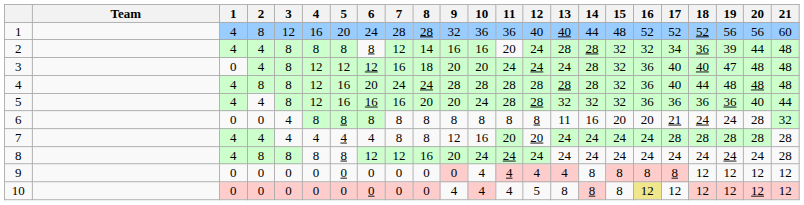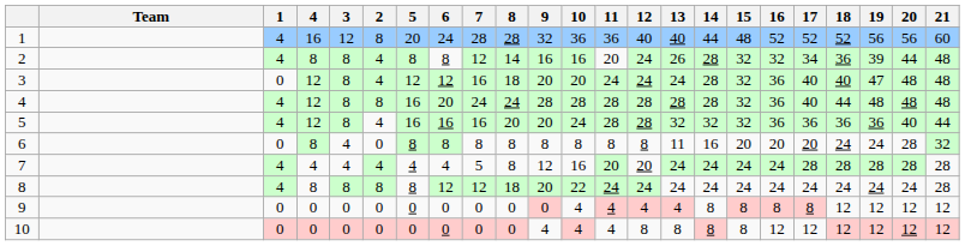 <table class="wikitable" style="text-align:center; line-height: 90%; font-size:90%; width:100%">
 <tr>
 <th width=20 abbr="Position"></th>
 <th width=175px>Team</th>
 <th width=20 abbr="Round 1">1</th>
+<th width=20 abbr="Round 4">4</th>
+<th width=20 abbr="Round 3">3</th>
 <th width=20 abbr="Round 2">2</th>
-<th width=20 abbr="Round 3">3</th>
-<th width=20 abbr="Round 4">4</th>
 <th width=20 abbr="Round 5">5</th>
 <th width=20 abbr="Round 6">6</th>
 <th width=20 abbr="Round 7">7</th>
 <th width=20 abbr="Round 8">8</th>
 <th width=20 abbr="Round 9">9</th>
 <th width=20 abbr="Round 10">10</th>
 <th width=20 abbr="Round 11">11</th>
 <th width=20 abbr="Round 12">12</th>
 <th width=20 abbr="Round 13">13</th>
 <th width=20 abbr="Round 14">14</th>
 <th width=20 abbr="Round 15">15</th>
 <th width=20 abbr="Round 16">16</th>
 <th width=20 abbr="Round 17">17</th>
 <th width=20 abbr="Round 18">18</th>
 <th width=20 abbr="Round 19">19</th>
 <th width=20 abbr="Round 20">20</th>
 <th width=20 abbr="Round 21">21</th>
 </tr>
 <tr>
 <td>1</td>
 <td style="text-align:left;"></td>
 <td style="background:#99ccff;">4</td>
+<td style="background:#99ccff;">16</td>
+<td style="background:#99ccff;">12</td>
 <td style="background:#99ccff;">8</td>
-<td style="background:#99ccff;">12</td>
-<td style="background:#99ccff;">16</td>
 <td style="background:#99ccff;">20</td>
 <td style="background:#99ccff;">24</td>
 <td style="background:#99ccff;">28</td>
 <td style="background:#99ccff;"><u>28</u></td>
 <td style="background:#99ccff;">32</td>
 <td style="background:#99ccff;">36</td>
 <td style="background:#99ccff;">36</td>
 <td style="background:#99ccff;">40</td>
 <td style="background:#99ccff;"><u>40</u></td>
 <td style="background:#99ccff;">44</td>
 <td style="background:#99ccff;">48</td>
 <td style="background:#99ccff;">52</td>
 <td style="background:#99ccff;">52</td>
 <td style="background:#99ccff;"><u>52</u></td>
 <td style="background:#99ccff;">56</td>
 <td style="background:#99ccff;">56</td>
 <td style="background:#99ccff;">60</td>
 </tr>
 <tr>
 <td>2</td>
 <td style="text-align:left;"></td>
 <td style="background:#ccffcc;">4</td>
-<td style="background:#ccffcc;">4</td>
 <td style="background:#ccffcc;">8</td>
 <td style="background:#ccffcc;">8</td>
+<td style="background:#ccffcc;">4</td>
 <td style="background:#ccffcc;">8</td>
 <td><u>8</u></td>
 <td style="background:#ccffcc;">12</td>
 <td style="background:#ccffcc;">14</td>
 <td style="background:#ccffcc;">16</td>
 <td style="background:#ccffcc;">16</td>
 <td>20</td>
 <td style="background:#ccffcc;">24</td>
-<td style="background:#ccffcc;">28</td>
+<td style="background:#ccffcc;">26</td>
 <td style="background:#ccffcc;"><u>28</u></td>
 <td style="background:#ccffcc;">32</td>
 <td style="background:#ccffcc;">32</td>
 <td style="background:#ccffcc;">34</td>
 <td style="background:#ccffcc;"><u>36</u></td>
 <td style="background:#ccffcc;">39</td>
 <td style="background:#ccffcc;">44</td>
 <td style="background:#ccffcc;">48</td>
 </tr>
 <tr>
 <td>3</td>
 <td style="text-align:left;"></td>
 <td>0</td>
+<td style="background:#ccffcc;">12</td>
+<td style="background:#ccffcc;">8</td>
 <td style="background:#ccffcc;">4</td>
-<td style="background:#ccffcc;">8</td>
-<td style="background:#ccffcc;">12</td>
 <td style="background:#ccffcc;">12</td>
 <td style="background:#ccffcc;"><u>12</u></td>
 <td style="background:#ccffcc;">16</td>
 <td style="background:#ccffcc;">18</td>
 <td style="background:#ccffcc;">20</td>
 <td style="background:#ccffcc;">20</td>
 <td style="background:#ccffcc;">24</td>
 <td style="background:#ccffcc;"><u>24</u></td>
 <td style="background:#ccffcc;">24</td>
 <td style="background:#ccffcc;">28</td>
 <td style="background:#ccffcc;">32</td>
 <td style="background:#ccffcc;">36</td>
 <td style="background:#ccffcc;">40</td>
 <td style="background:#ccffcc;"><u>40</u></td>
 <td style="background:#ccffcc;">47</td>
 <td style="background:#ccffcc;">48</td>
 <td style="background:#ccffcc;">48</td>
 </tr>
 <tr>
 <td>4</td>
 <td style="text-align:left;"></td>
 <td style="background:#ccffcc;">4</td>
+<td style="background:#ccffcc;">12</td>
 <td style="background:#ccffcc;">8</td>
 <td style="background:#ccffcc;">8</td>
-<td style="background:#ccffcc;">12</td>
 <td style="background:#ccffcc;">16</td>
 <td style="background:#ccffcc;">20</td>
 <td style="background:#ccffcc;">24</td>
 <td style="background:#ccffcc;"><u>24</u></td>
 <td style="background:#ccffcc;">28</td>
 <td style="background:#ccffcc;">28</td>
 <td style="background:#ccffcc;">28</td>
 <td style="background:#ccffcc;">28</td>
 <td style="background:#ccffcc;"><u>28</u></td>
 <td style="background:#ccffcc;">28</td>
 <td style="background:#ccffcc;">32</td>
 <td style="background:#ccffcc;">36</td>
 <td style="background:#ccffcc;">40</td>
 <td style="background:#ccffcc;">44</td>
 <td style="background:#ccffcc;">48</td>
 <td style="background:#ccffcc;"><u>48</u></td>
 <td style="background:#ccffcc;">48</td>
 </tr>
 <tr>
 <td>5</td>
 <td style="text-align:left;"></td>
 <td style="background:#ccffcc;">4</td>
+<td style="background:#ccffcc;">12</td>
+<td style="background:#ccffcc;">8</td>
 <td>4</td>
-<td style="background:#ccffcc;">8</td>
-<td style="background:#ccffcc;">12</td>
 <td style="background:#ccffcc;">16</td>
 <td style="background:#ccffcc;"><u>16</u></td>
 <td style="background:#ccffcc;">16</td>
 <td style="background:#ccffcc;">20</td>
 <td style="background:#ccffcc;">20</td>
 <td style="background:#ccffcc;">24</td>
 <td style="background:#ccffcc;">28</td>
 <td style="background:#ccffcc;"><u>28</u></td>
 <td style="background:#ccffcc;">32</td>
 <td style="background:#ccffcc;">32</td>
 <td style="background:#ccffcc;">32</td>
 <td style="background:#ccffcc;">36</td>
 <td style="background:#ccffcc;">36</td>
 <td style="background:#ccffcc;">36</td>
 <td style="background:#ccffcc;"><u>36</u></td>
 <td style="background:#ccffcc;">40</td>
 <td style="background:#ccffcc;">44</td>
 </tr>
 <tr>
 <td>6</td>
 <td style="text-align:left;"></td>
 <td>0</td>
+<td style="background:#ccffcc;">8</td>
+<td>4</td>
 <td>0</td>
-<td>4</td>
-<td style="background:#ccffcc;">8</td>
 <td style="background:#ccffcc;"><u>8</u></td>
 <td style="background:#ccffcc;">8</td>
 <td>8</td>
 <td>8</td>
 <td>8</td>
 <td>8</td>
 <td>8</td>
 <td><u>8</u></td>
 <td>11</td>
 <td>16</td>
 <td>20</td>
 <td>20</td>
-<td><u>21</u></td>
+<td><u>20</u></td>
 <td><u>24</u></td>
 <td>24</td>
 <td>28</td>
 <td style="background:#ccffcc;">32</td>
 </tr>
 <tr>
 <td>7</td>
 <td style="text-align:left;"></td>
 <td style="background:#ccffcc;">4</td>
-<td style="background:#ccffcc;">4</td>
 <td>4</td>
 <td>4</td>
+<td style="background:#ccffcc;">4</td>
 <td><u>4</u></td>
 <td>4</td>
-<td>8</td>
+<td>5</td>
 <td>8</td>
 <td>12</td>
 <td>16</td>
 <td style="background:#ccffcc;">20</td>
 <td><u>20</u></td>
 <td style="background:#ccffcc;">24</td>
 <td style="background:#ccffcc;">24</td>
 <td style="background:#ccffcc;">24</td>
 <td style="background:#ccffcc;">24</td>
 <td style="background:#ccffcc;">28</td>
 <td style="background:#ccffcc;">28</td>
 <td style="background:#ccffcc;">28</td>
 <td style="background:#ccffcc;">28</td>
 <td>28</td>
 </tr>
 <tr>
 <td>8</td>
 <td style="text-align:left;"></td>
 <td style="background:#ccffcc;">4</td>
+<td>8</td>
 <td style="background:#ccffcc;">8</td>
 <td style="background:#ccffcc;">8</td>
-<td>8</td>
 <td><u>8</u></td>
 <td style="background:#ccffcc;">12</td>
 <td style="background:#ccffcc;">12</td>
-<td style="background:#ccffcc;">16</td>
+<td style="background:#ccffcc;">18</td>
 <td style="background:#ccffcc;">20</td>
-<td style="background:#ccffcc;">24</td>
+<td style="background:#ccffcc;">22</td>
 <td style="background:#ccffcc;"><u>24</u></td>
 <td style="background:#ccffcc;">24</td>
 <td>24</td>
 <td>24</td>
 <td>24</td>
 <td>24</td>
 <td>24</td>
 <td>24</td>
 <td><u>24</u></td>
 <td>24</td>
 <td>28</td>
 </tr>
 <tr>
 <td>9</td>
 <td style="text-align:left;"></td>
 <td>0</td>
 <td>0</td>
 <td>0</td>
 <td>0</td>
 <td><u>0</u></td>
 <td>0</td>
 <td>0</td>
 <td>0</td>
 <td style="background:#ffcccc;">0</td>
 <td>4</td>
 <td style="background:#ffcccc;"><u>4</u></td>
 <td style="background:#ffcccc;">4</td>
 <td style="background:#ffcccc;">4</td>
 <td>8</td>
 <td style="background:#ffcccc;">8</td>
 <td style="background:#ffcccc;">8</td>
 <td style="background:#ffcccc;"><u>8</u></td>
 <td>12</td>
 <td>12</td>
 <td>12</td>
 <td>12</td>
 </tr>
 <tr>
 <td>10</td>
 <td style="text-align:left;"></td>
 <td style="background:#ffcccc;">0</td>
 <td style="background:#ffcccc;">0</td>
 <td style="background:#ffcccc;">0</td>
 <td style="background:#ffcccc;">0</td>
 <td style="background:#ffcccc;">0</td>
 <td style="background:#ffcccc;"><u>0</u></td>
 <td style="background:#ffcccc;">0</td>
 <td style="background:#ffcccc;">0</td>
 <td>4</td>
 <td style="background:#ffcccc;">4</td>
 <td>4</td>
-<td>5</td>
+<td>8</td>
 <td>8</td>
 <td style="background:#ffcccc;"><u>8</u></td>
 <td>8</td>
-<td style="background: khaki;">12</td>
+<td>12</td>
 <td>12</td>
 <td style="background:#ffcccc;">12</td>
 <td style="background:#ffcccc;">12</td>
 <td style="background:#ffcccc;"><u>12</u></td>
 <td style="background:#ffcccc;">12</td>
 </tr>
 </table>
